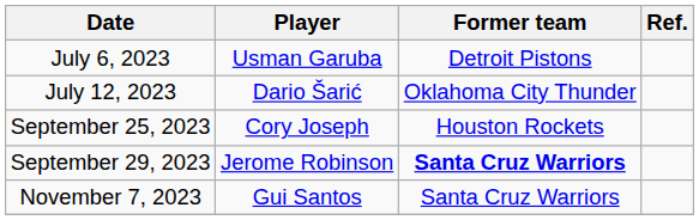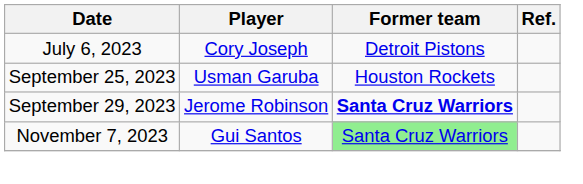 <table class="wikitable sortable sortable" style="text-align: center">
 <tr>
 <th>Date</th>
 <th>Player</th>
 <th>Former team</th>
 <th>Ref.</th>
 </tr>
 <tr>
 <td>July 6, 2023</td>
-<td><a href='#'>Usman Garuba</a></td>
+<td><a href='#'>Cory Joseph</a></td>
 <td><a href='#'>Detroit Pistons</a></td>
 <td></td>
 </tr>
 <tr>
-<td>July 12, 2023</td>
-<td><a href='#'>Dario Šarić</a></td>
-<td><a href='#'>Oklahoma City Thunder</a></td>
-<td></td>
-</tr>
-<tr>
 <td>September 25, 2023</td>
-<td><a href='#'>Cory Joseph</a></td>
+<td><a href='#'>Usman Garuba</a></td>
 <td><a href='#'>Houston Rockets</a></td>
 <td></td>
 </tr>
 <tr>
 <td>September 29, 2023</td>
 <td><a href='#'>Jerome Robinson</a></td>
 <td><strong><a href='#'>Santa Cruz Warriors</a></strong></td>
 <td></td>
 </tr>
 <tr>
 <td>November 7, 2023</td>
 <td><a href='#'>Gui Santos</a></td>
-<td><a href='#'>Santa Cruz Warriors</a></td>
+<td style="background: lightgreen;"><a href='#'>Santa Cruz Warriors</a></td>
 <td></td>
 </tr>
 <tr>
 </tr>
 </table>
